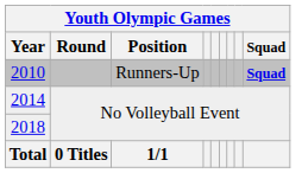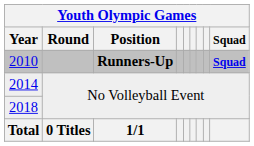 <table class="wikitable" style="text-align: center;">
 <tr>
 <th colspan=9><a href='#'>Youth Olympic Games</a></th>
 </tr>
 <tr>
 <th>Year</th>
 <th>Round</th>
 <th>Position</th>
 <th></th>
 <th></th>
 <th></th>
 <th></th>
 <th></th>
 <th><small>Squad</small></th>
 </tr>
 <tr bgcolor=silver>
 <td> <a href='#'>2010</a></td>
 <td></td>
-<td>Runners-Up</td>
+<td><strong>Runners-Up</strong></td>
 <td></td>
 <td></td>
 <td></td>
 <td></td>
 <td></td>
 <td><strong><small><a href='#'>Squad</a></small></strong></td>
 </tr>
 <tr bgcolor="efefef">
 <td> <a href='#'>2014</a></td>
 <td colspan=9 rowspan=2 align=center>No Volleyball Event</td>
 </tr>
 <tr bgcolor="efefef">
 <td> <a href='#'>2018</a></td>
 </tr>
 <tr>
 <th>Total</th>
 <th>0 Titles</th>
 <th>1/1</th>
 <th></th>
 <th></th>
 <th></th>
 <th></th>
 <th></th>
 <th></th>
 </tr>
 </table>
